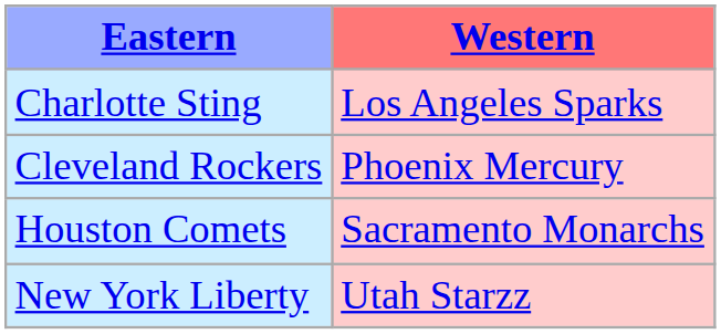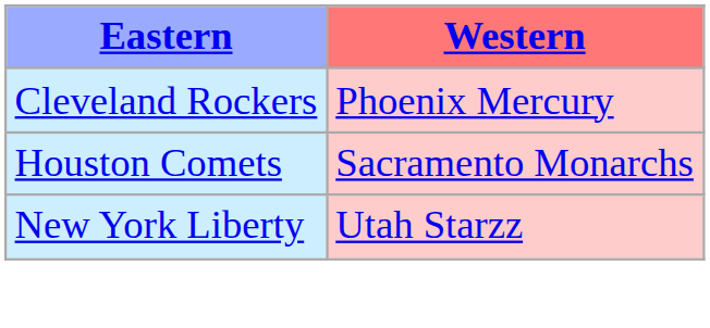 <table class="wikitable">
 <tr>
 <th style="background-color: #9AF;"><a href='#'>Eastern</a></th>
 <th style="background-color: #F77;"><a href='#'>Western</a></th>
-</tr>
-<tr>
-<td style="background-color: #CEF;"><a href='#'>Charlotte Sting</a></td>
-<td style="background-color: #FCC;"><a href='#'>Los Angeles Sparks</a></td>
 </tr>
 <tr>
 <td style="background-color: #CEF;"><a href='#'>Cleveland Rockers</a></td>
 <td style="background-color: #FCC;"><a href='#'>Phoenix Mercury</a></td>
 </tr>
 <tr>
 <td style="background-color: #CEF;"><a href='#'>Houston Comets</a></td>
 <td style="background-color: #FCC;"><a href='#'>Sacramento Monarchs</a></td>
 </tr>
 <tr>
 <td style="background-color: #CEF;"><a href='#'>New York Liberty</a></td>
 <td style="background-color: #FCC;"><a href='#'>Utah Starzz</a></td>
 </tr>
 </table>
